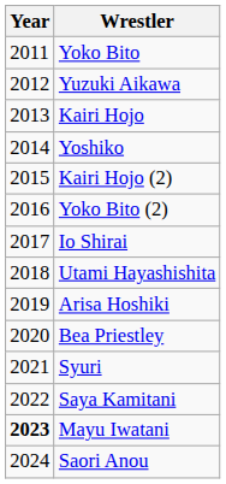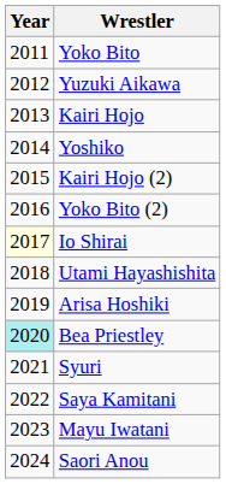 <table class="wikitable">
 <tr>
 <th>Year</th>
 <th>Wrestler</th>
 </tr>
 <tr>
 <td>2011</td>
 <td><a href='#'>Yoko Bito</a></td>
 </tr>
 <tr>
 <td>2012</td>
 <td><a href='#'>Yuzuki Aikawa</a></td>
 </tr>
 <tr>
 <td>2013</td>
 <td><a href='#'>Kairi Hojo</a></td>
 </tr>
 <tr>
 <td>2014</td>
 <td><a href='#'>Yoshiko</a></td>
 </tr>
 <tr>
 <td>2015</td>
 <td><a href='#'>Kairi Hojo</a> (2)</td>
 </tr>
 <tr>
 <td>2016</td>
 <td><a href='#'>Yoko Bito</a> (2)</td>
 </tr>
 <tr>
-<td>2017</td>
+<td style="background: lightyellow;">2017</td>
 <td><a href='#'>Io Shirai</a></td>
 </tr>
 <tr>
 <td>2018</td>
 <td><a href='#'>Utami Hayashishita</a></td>
 </tr>
 <tr>
 <td>2019</td>
 <td><a href='#'>Arisa Hoshiki</a></td>
 </tr>
 <tr>
-<td>2020</td>
+<td style="background: paleturquoise;">2020</td>
 <td><a href='#'>Bea Priestley</a></td>
 </tr>
 <tr>
 <td>2021</td>
 <td><a href='#'>Syuri</a></td>
 </tr>
 <tr>
 <td>2022</td>
 <td><a href='#'>Saya Kamitani</a></td>
 </tr>
 <tr>
-<td><strong>2023</strong></td>
+<td>2023</td>
 <td><a href='#'>Mayu Iwatani</a></td>
 </tr>
 <tr>
 <td>2024</td>
 <td><a href='#'>Saori Anou</a></td>
 </tr>
 </table>
